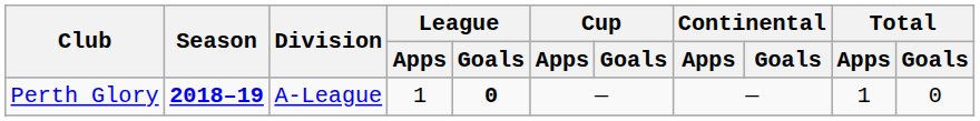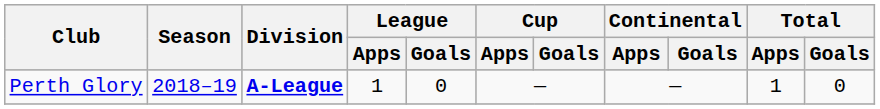 <table class="wikitable" style="text-align: center">
 <tr>
 <th rowspan="2">Club</th>
 <th rowspan="2">Season</th>
 <th rowspan="2">Division</th>
 <th colspan="2">League</th>
 <th colspan="2">Cup</th>
 <th colspan="2">Continental</th>
 <th colspan="2">Total</th>
 </tr>
 <tr>
 <th>Apps</th>
 <th>Goals</th>
 <th>Apps</th>
 <th>Goals</th>
 <th>Apps</th>
 <th>Goals</th>
 <th>Apps</th>
 <th>Goals</th>
 </tr>
 <tr>
 <td><a href='#'>Perth Glory</a></td>
-<td><strong><a href='#'>2018–19</a></strong></td>
-<td><a href='#'>A-League</a></td>
+<td><a href='#'>2018–19</a></td>
+<td><strong><a href='#'>A-League</a></strong></td>
 <td>1</td>
-<td><strong>0</strong></td>
+<td>0</td>
 <td colspan="2">—</td>
 <td colspan="2">—</td>
 <td>1</td>
 <td>0</td>
 </tr>
 </table>
